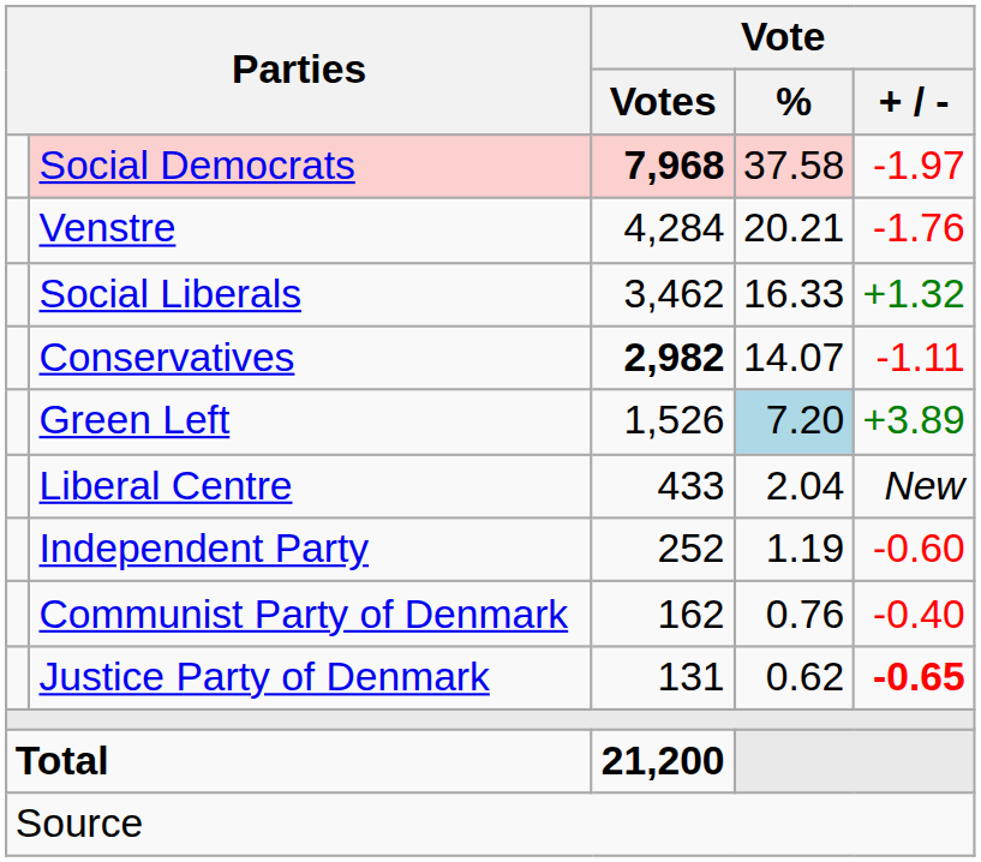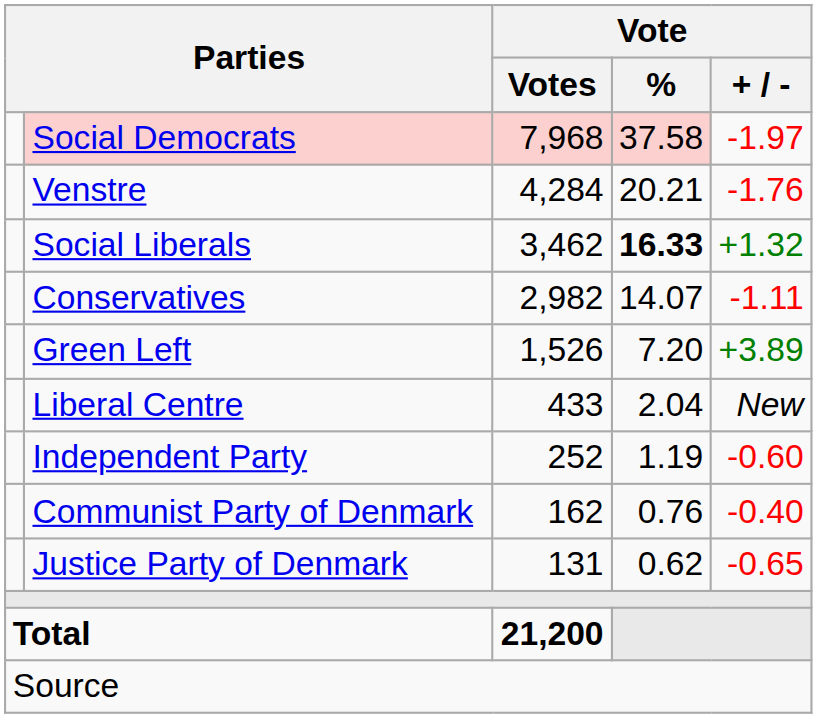 <table class="wikitable" style="text-align:right;">
 <tr>
 <th style="text-align:centre;" rowspan="2" colspan="2" width="225">Parties</th>
 <th colspan="3">Vote</th>
 </tr>
 <tr>
 <th width="15">Votes</th>
 <th width="15">%</th>
 <th width="15">+ / -</th>
 </tr>
 <tr>
 <td width="2" style="color:inherit;background:"></td>
 <td bgcolor=#fbd0ce  align="left"><a href='#'>Social Democrats</a></td>
-<td bgcolor=#fbd0ce><strong>7,968</strong></td>
+<td bgcolor=#fbd0ce>7,968</td>
 <td bgcolor=#fbd0ce>37.58</td>
 <td style=color:red;>-1.97</td>
 </tr>
 <tr>
 <td width="2" style="color:inherit;background:"></td>
 <td align="left"><a href='#'>Venstre</a></td>
 <td>4,284</td>
 <td>20.21</td>
 <td style=color:red;>-1.76</td>
 </tr>
 <tr>
 <td width="2" style="color:inherit;background:"></td>
 <td align="left"><a href='#'>Social Liberals</a></td>
 <td>3,462</td>
-<td>16.33</td>
+<td><strong>16.33</strong></td>
 <td style=color:green;>+1.32</td>
 </tr>
 <tr>
 <td width="2" style="color:inherit;background:"></td>
 <td align="left"><a href='#'>Conservatives</a></td>
-<td><strong>2,982</strong></td>
+<td>2,982</td>
 <td>14.07</td>
 <td style=color:red;>-1.11</td>
 </tr>
 <tr>
 <td width="2" style="color:inherit;background:"></td>
 <td align="left"><a href='#'>Green Left</a></td>
 <td>1,526</td>
-<td style="background: lightblue;">7.20</td>
+<td>7.20</td>
 <td style=color:green;>+3.89</td>
 </tr>
 <tr>
 <td width="2" style="color:inherit;background:"></td>
 <td align="left"><a href='#'>Liberal Centre</a></td>
 <td>433</td>
 <td>2.04</td>
 <td><em>New</em></td>
 </tr>
 <tr>
 <td width="2" style="color:inherit;background:"></td>
 <td align="left"><a href='#'>Independent Party</a></td>
 <td>252</td>
 <td>1.19</td>
 <td style=color:red;>-0.60</td>
 </tr>
 <tr>
 <td width="2" style="color:inherit;background:"></td>
 <td align="left"><a href='#'>Communist Party of Denmark</a></td>
 <td>162</td>
 <td>0.76</td>
 <td style=color:red;>-0.40</td>
 </tr>
 <tr>
 <td width="2" style="color:inherit;background:"></td>
 <td align="left"><a href='#'>Justice Party of Denmark</a></td>
 <td>131</td>
 <td>0.62</td>
-<td style=color:red;><strong>-0.65</strong></td>
+<td style=color:red;>-0.65</td>
 </tr>
 <tr>
 <td colspan="7" bgcolor="#E9E9E9"></td>
 </tr>
 <tr>
 <td align="left" colspan="2"><strong>Total</strong></td>
 <td><strong>21,200</strong></td>
 <td bgcolor="#E9E9E9" colspan="2"></td>
 </tr>
 <tr>
 <td align="left" colspan="6">Source</td>
 </tr>
 </table>
